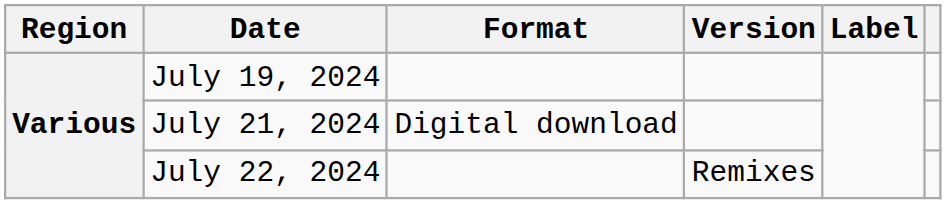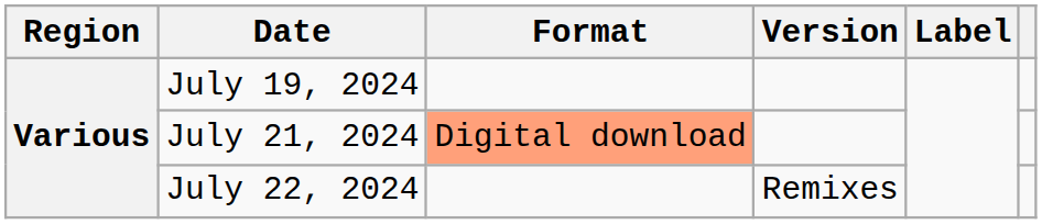 <table class="wikitable plainrowheaders">
 <tr>
 <th scope="col">Region</th>
 <th scope="col">Date</th>
 <th scope="col">Format</th>
 <th scope="col">Version</th>
 <th scope="col">Label</th>
 <th scope="col"></th>
 </tr>
 <tr>
 <th scope="row" rowspan="3">Various</th>
 <td>July 19, 2024</td>
 <td></td>
 <td></td>
 <td rowspan="3"></td>
 <td style="text-align:center"></td>
 </tr>
 <tr>
 <td>July 21, 2024</td>
-<td>Digital download</td>
+<td style="background: lightsalmon;">Digital download</td>
 <td></td>
 <td style="text-align:center"></td>
 </tr>
 <tr>
 <td>July 22, 2024</td>
 <td></td>
 <td>Remixes</td>
 <td style="text-align:center"></td>
 </tr>
 </table>
